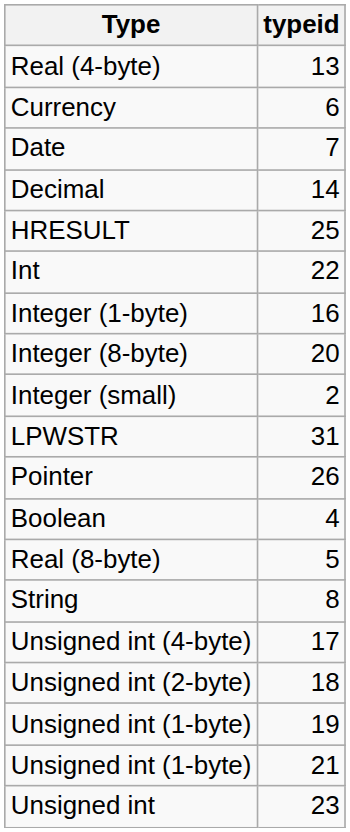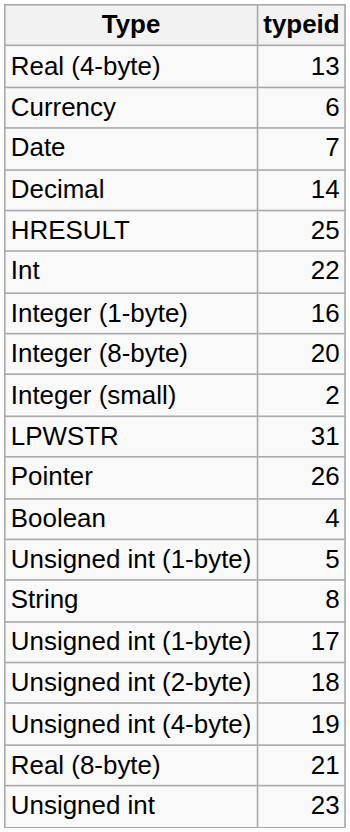 <table class="wikitable sortable">
 <tr>
 <th>Type</th>
 <th>typeid</th>
 </tr>
 <tr>
 <td>Real (4-byte)</td>
 <td align="right">13</td>
 </tr>
 <tr>
 <td>Currency</td>
 <td align="right">6</td>
 </tr>
 <tr>
 <td>Date</td>
 <td align="right">7</td>
 </tr>
 <tr>
 <td>Decimal</td>
 <td align="right">14</td>
 </tr>
 <tr>
 <td>HRESULT</td>
 <td align="right">25</td>
 </tr>
 <tr>
 <td>Int</td>
 <td align="right">22</td>
 </tr>
 <tr>
 <td>Integer (1-byte)</td>
 <td align="right">16</td>
 </tr>
 <tr>
 <td>Integer (8-byte)</td>
 <td align="right">20</td>
 </tr>
 <tr>
 <td>Integer (small)</td>
 <td align="right">2</td>
 </tr>
 <tr>
 <td>LPWSTR</td>
 <td align="right">31</td>
 </tr>
 <tr>
 <td>Pointer</td>
 <td align="right">26</td>
 </tr>
 <tr>
 <td>Boolean</td>
 <td align="right">4</td>
 </tr>
 <tr>
-<td>Real (8-byte)</td>
+<td>Unsigned int (1-byte)</td>
 <td align="right">5</td>
 </tr>
 <tr>
 <td>String</td>
 <td align="right">8</td>
 </tr>
 <tr>
-<td>Unsigned int (4-byte)</td>
+<td>Unsigned int (1-byte)</td>
 <td align="right">17</td>
 </tr>
 <tr>
 <td>Unsigned int (2-byte)</td>
 <td align="right">18</td>
 </tr>
 <tr>
-<td>Unsigned int (1-byte)</td>
+<td>Unsigned int (4-byte)</td>
 <td align="right">19</td>
 </tr>
 <tr>
-<td>Unsigned int (1-byte)</td>
+<td>Real (8-byte)</td>
 <td align="right">21</td>
 </tr>
 <tr>
 <td>Unsigned int</td>
 <td align="right">23</td>
 </tr>
 </table>
